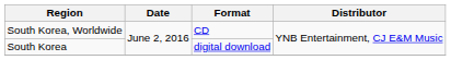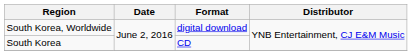 <table class="wikitable plainrowheaders">
 <tr>
 <th>Region</th>
 <th>Date</th>
 <th>Format</th>
 <th>Distributor</th>
 </tr>
 <tr>
 <td>South Korea, Worldwide</td>
 <td rowspan="2">June 2, 2016</td>
-<td><a href='#'>CD</a></td>
+<td><a href='#'>digital download</a></td>
 <td rowspan=2>YNB Entertainment, <a href='#'>CJ E&M Music</a></td>
 </tr>
 <tr>
 <td>South Korea</td>
-<td><a href='#'>digital download</a></td>
+<td><a href='#'>CD</a></td>
 </tr>
 <tr>
 </tr>
 </table>
